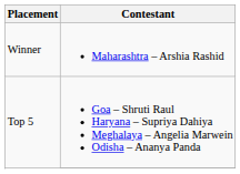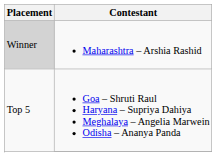 <table class="wikitable">
 <tr>
 <th>Placement</th>
 <th>Contestant</th>
 </tr>
 <tr>
-<td>Winner</td>
+<td style="background: lightgrey;">Winner</td>
 <td><br><ul><li><a href='#'>Maharashtra</a> – Arshia Rashid</li></ul></td>
 </tr>
 <tr>
 <td rowspan=5>Top 5</td>
 <td><br><ul><li><a href='#'>Goa</a> – Shruti Raul</li><li><a href='#'>Haryana</a> – Supriya Dahiya</li><li><a href='#'>Meghalaya</a> – Angelia Marwein</li><li><a href='#'>Odisha</a> – Ananya Panda</li></ul></td>
 </tr>
 <tr>
 </tr>
 </table>
